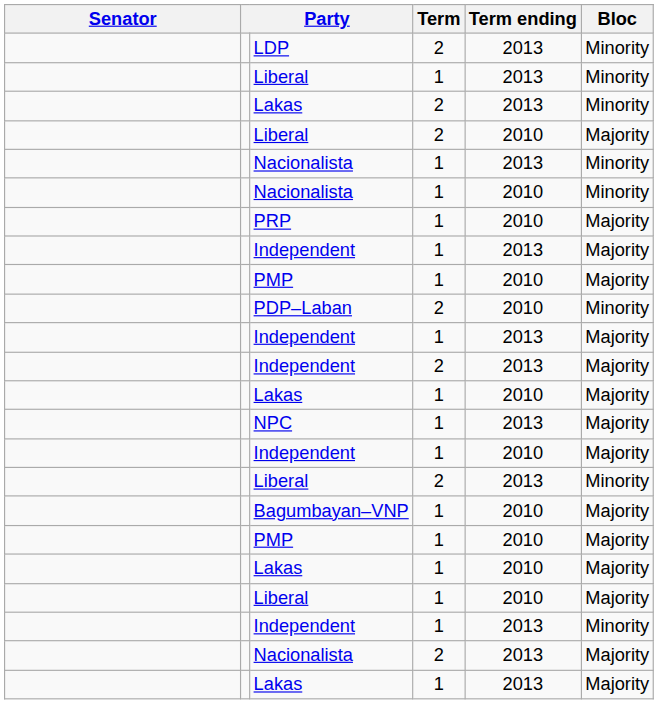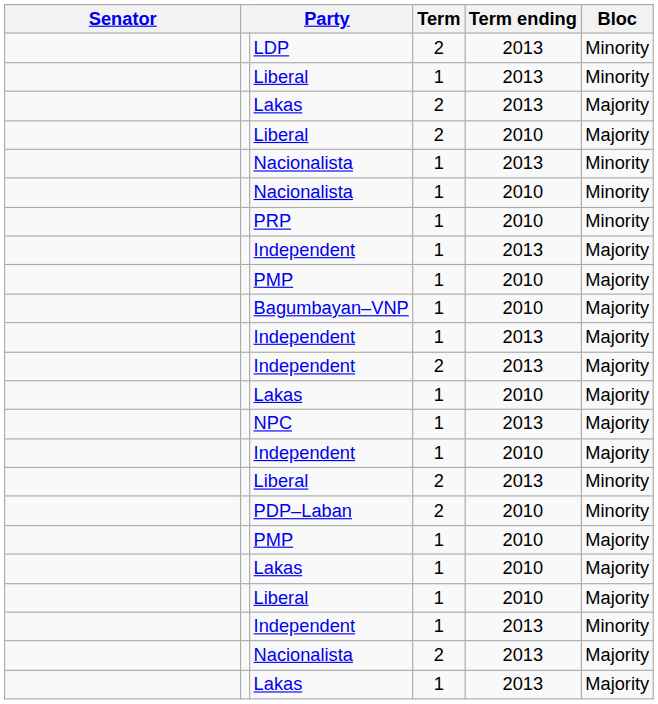 <table class="wikitable sortable">
 <tr>
 <th width="200px"><a href='#'>Senator</a></th>
 <th colspan="2"><a href='#'>Party</a></th>
 <th>Term</th>
 <th>Term ending</th>
 <th>Bloc</th>
 </tr>
 <tr>
 <td></td>
 <td></td>
 <td><a href='#'>LDP</a></td>
 <td align="center">2</td>
 <td align="center">2013</td>
 <td>Minority</td>
 </tr>
 <tr>
 <td></td>
 <td></td>
 <td><a href='#'>Liberal</a></td>
 <td align="center">1</td>
 <td align="center">2013</td>
 <td>Minority</td>
 </tr>
 <tr>
 <td></td>
 <td></td>
 <td><a href='#'>Lakas</a></td>
 <td align="center">2</td>
 <td align="center">2013</td>
-<td>Minority</td>
+<td>Majority</td>
 </tr>
 <tr>
 <td></td>
 <td></td>
 <td><a href='#'>Liberal</a></td>
 <td align="center">2</td>
 <td align="center">2010</td>
 <td>Majority</td>
 </tr>
 <tr>
 <td></td>
 <td></td>
 <td><a href='#'>Nacionalista</a></td>
 <td align="center">1</td>
 <td align="center">2013</td>
 <td>Minority</td>
 </tr>
 <tr>
 <td></td>
 <td></td>
 <td><a href='#'>Nacionalista</a></td>
 <td align="center">1</td>
 <td align="center">2010</td>
 <td>Minority</td>
 </tr>
 <tr>
 <td></td>
 <td></td>
 <td><a href='#'>PRP</a></td>
 <td align="center">1</td>
 <td align="center">2010</td>
-<td>Majority</td>
+<td>Minority</td>
 </tr>
 <tr>
 <td></td>
 <td></td>
 <td><a href='#'>Independent</a></td>
 <td align="center">1</td>
 <td align="center">2013</td>
 <td>Majority</td>
 </tr>
 <tr>
 <td></td>
 <td></td>
 <td><a href='#'>PMP</a></td>
 <td align="center">1</td>
 <td align="center">2010</td>
 <td>Majority</td>
 </tr>
 <tr>
 <td></td>
 <td></td>
-<td><a href='#'>PDP–Laban</a></td>
-<td align="center">2</td>
+<td><a href='#'>Bagumbayan–VNP</a></td>
+<td align="center">1</td>
 <td align="center">2010</td>
-<td>Minority</td>
+<td>Majority</td>
 </tr>
 <tr>
 <td></td>
 <td></td>
 <td><a href='#'>Independent</a></td>
 <td align="center">1</td>
 <td align="center">2013</td>
 <td>Majority</td>
 </tr>
 <tr>
 <td></td>
 <td></td>
 <td><a href='#'>Independent</a></td>
 <td align="center">2</td>
 <td align="center">2013</td>
 <td>Majority</td>
 </tr>
 <tr>
 <td></td>
 <td></td>
 <td><a href='#'>Lakas</a></td>
 <td align="center">1</td>
 <td align="center">2010</td>
 <td>Majority</td>
 </tr>
 <tr>
 <td></td>
 <td></td>
 <td><a href='#'>NPC</a></td>
 <td align="center">1</td>
 <td align="center">2013</td>
 <td>Majority</td>
 </tr>
 <tr>
 <td></td>
 <td></td>
 <td><a href='#'>Independent</a></td>
 <td align="center">1</td>
 <td align="center">2010</td>
 <td>Majority</td>
 </tr>
 <tr>
 <td></td>
 <td></td>
 <td><a href='#'>Liberal</a></td>
 <td align="center">2</td>
 <td align="center">2013</td>
 <td>Minority</td>
 </tr>
 <tr>
 <td></td>
 <td></td>
-<td><a href='#'>Bagumbayan–VNP</a></td>
-<td align="center">1</td>
+<td><a href='#'>PDP–Laban</a></td>
+<td align="center">2</td>
 <td align="center">2010</td>
-<td>Majority</td>
+<td>Minority</td>
 </tr>
 <tr>
 <td></td>
 <td></td>
 <td><a href='#'>PMP</a></td>
 <td align="center">1</td>
 <td align="center">2010</td>
 <td>Majority</td>
 </tr>
 <tr>
 <td></td>
 <td></td>
 <td><a href='#'>Lakas</a></td>
 <td align="center">1</td>
 <td align="center">2010</td>
 <td>Majority</td>
 </tr>
 <tr>
 <td></td>
 <td></td>
 <td><a href='#'>Liberal</a></td>
 <td align="center">1</td>
 <td align="center">2010</td>
 <td>Majority</td>
 </tr>
 <tr>
 <td></td>
 <td></td>
 <td><a href='#'>Independent</a></td>
 <td align="center">1</td>
 <td align="center">2013</td>
 <td>Minority</td>
 </tr>
 <tr>
 <td></td>
 <td></td>
 <td><a href='#'>Nacionalista</a></td>
 <td align="center">2</td>
 <td align="center">2013</td>
 <td>Majority</td>
 </tr>
 <tr>
 <td></td>
 <td></td>
 <td><a href='#'>Lakas</a></td>
 <td align="center">1</td>
 <td align="center">2013</td>
 <td>Majority</td>
 </tr>
 </table>
